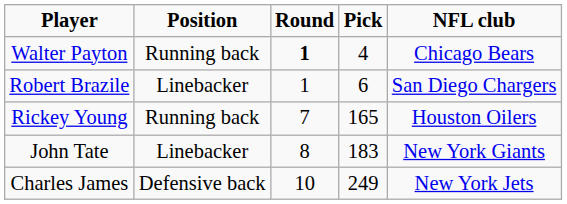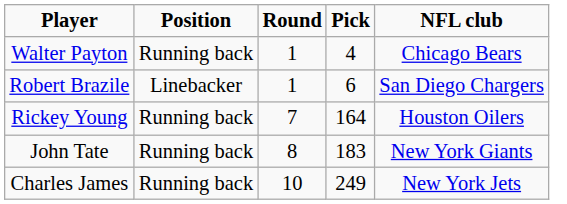 <table class="wikitable">
 <tr align="center">
 <td><strong>Player</strong></td>
 <td><strong>Position</strong></td>
 <td><strong>Round</strong></td>
 <td><strong>Pick</strong></td>
 <td><strong>NFL club</strong></td>
 </tr>
 <tr align="center" bgcolor="">
 <td><a href='#'>Walter Payton</a></td>
 <td>Running back</td>
-<td><strong>1</strong></td>
+<td>1</td>
 <td>4</td>
 <td><a href='#'>Chicago Bears</a></td>
 </tr>
 <tr align="center" bgcolor="">
 <td><a href='#'>Robert Brazile</a></td>
 <td>Linebacker</td>
 <td>1</td>
 <td>6</td>
 <td><a href='#'>San Diego Chargers</a></td>
 </tr>
 <tr align="center" bgcolor="">
 <td><a href='#'>Rickey Young</a></td>
 <td>Running back</td>
 <td>7</td>
-<td>165</td>
+<td>164</td>
 <td><a href='#'>Houston Oilers</a></td>
 </tr>
 <tr align="center" bgcolor="">
 <td>John Tate</td>
-<td>Linebacker</td>
+<td>Running back</td>
 <td>8</td>
 <td>183</td>
 <td><a href='#'>New York Giants</a></td>
 </tr>
 <tr align="center" bgcolor="">
 <td>Charles James</td>
-<td>Defensive back</td>
+<td>Running back</td>
 <td>10</td>
 <td>249</td>
 <td><a href='#'>New York Jets</a></td>
 </tr>
 </table>
